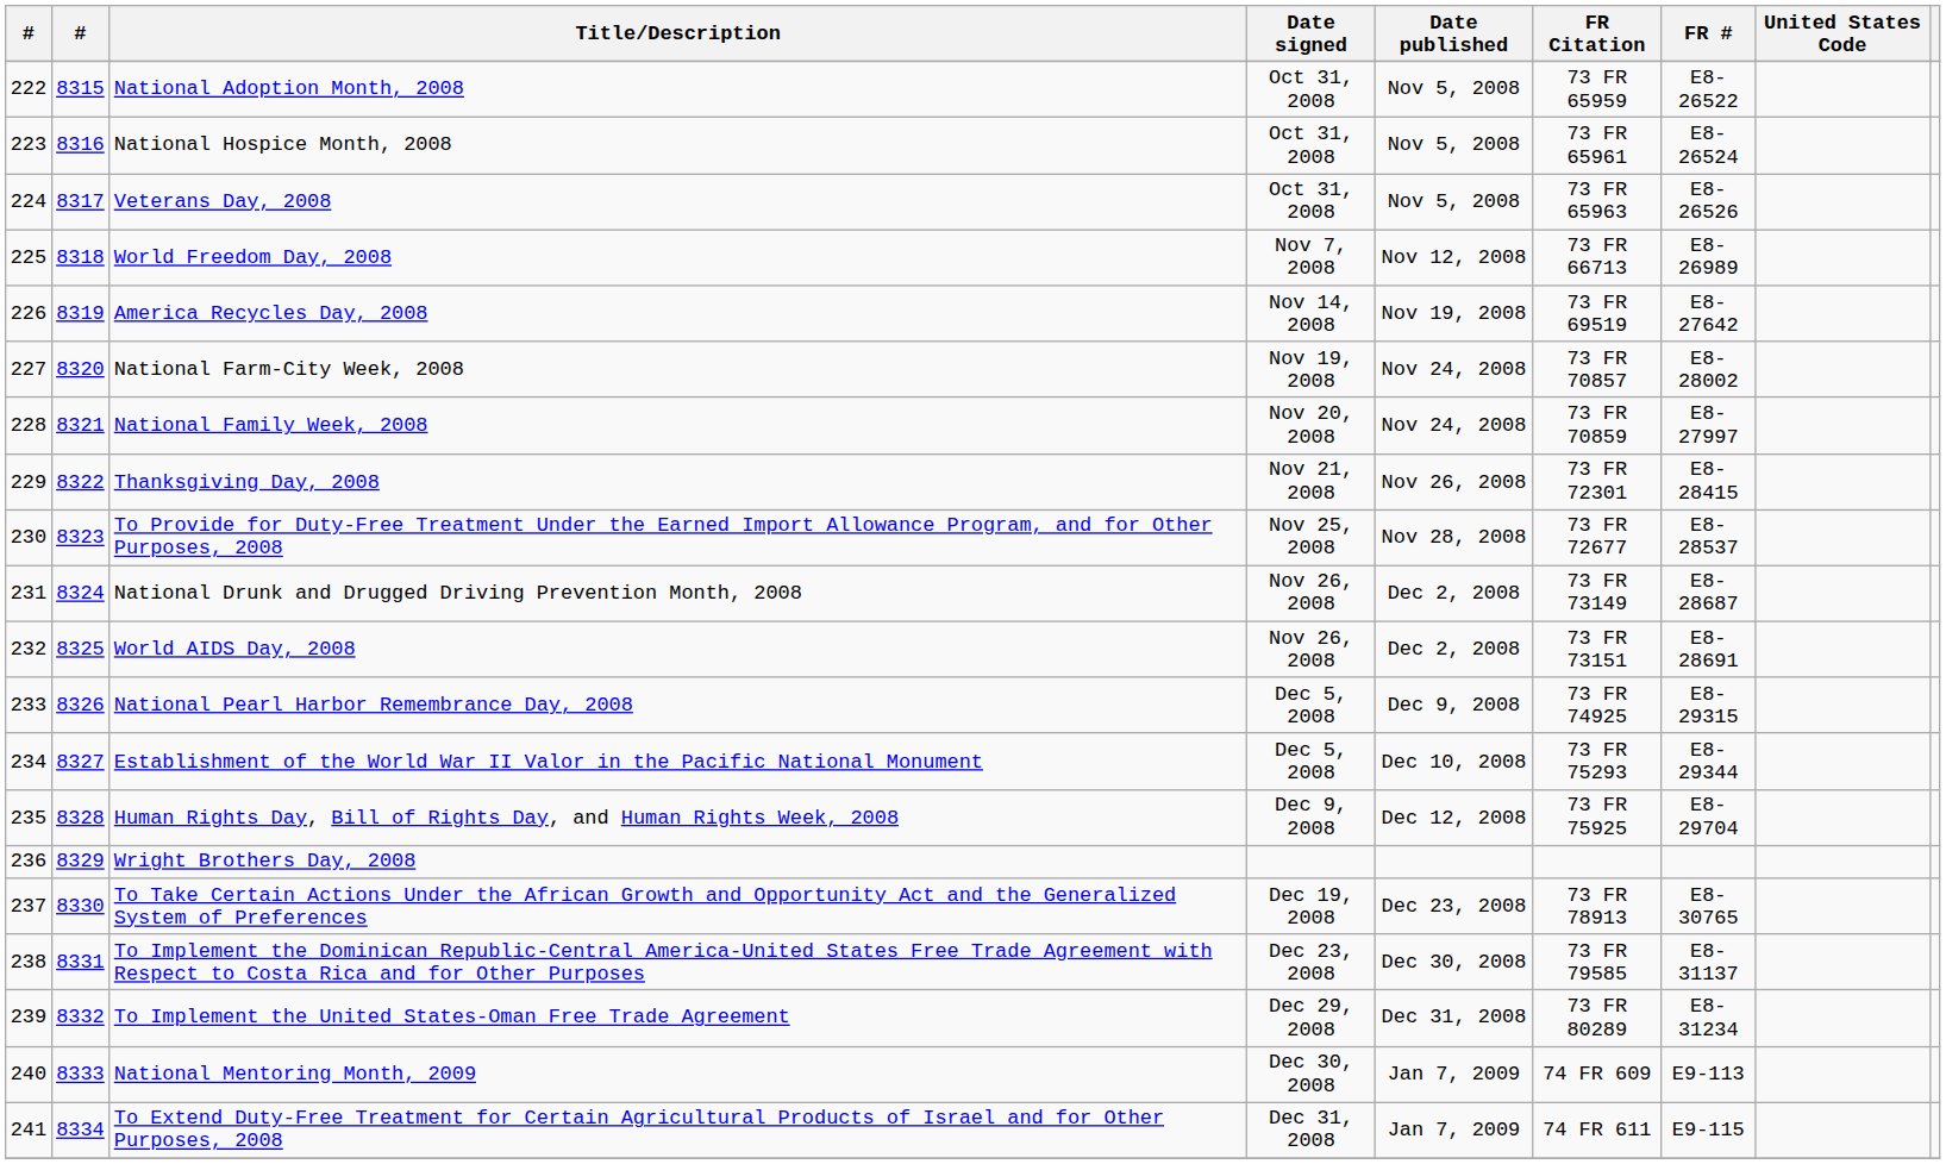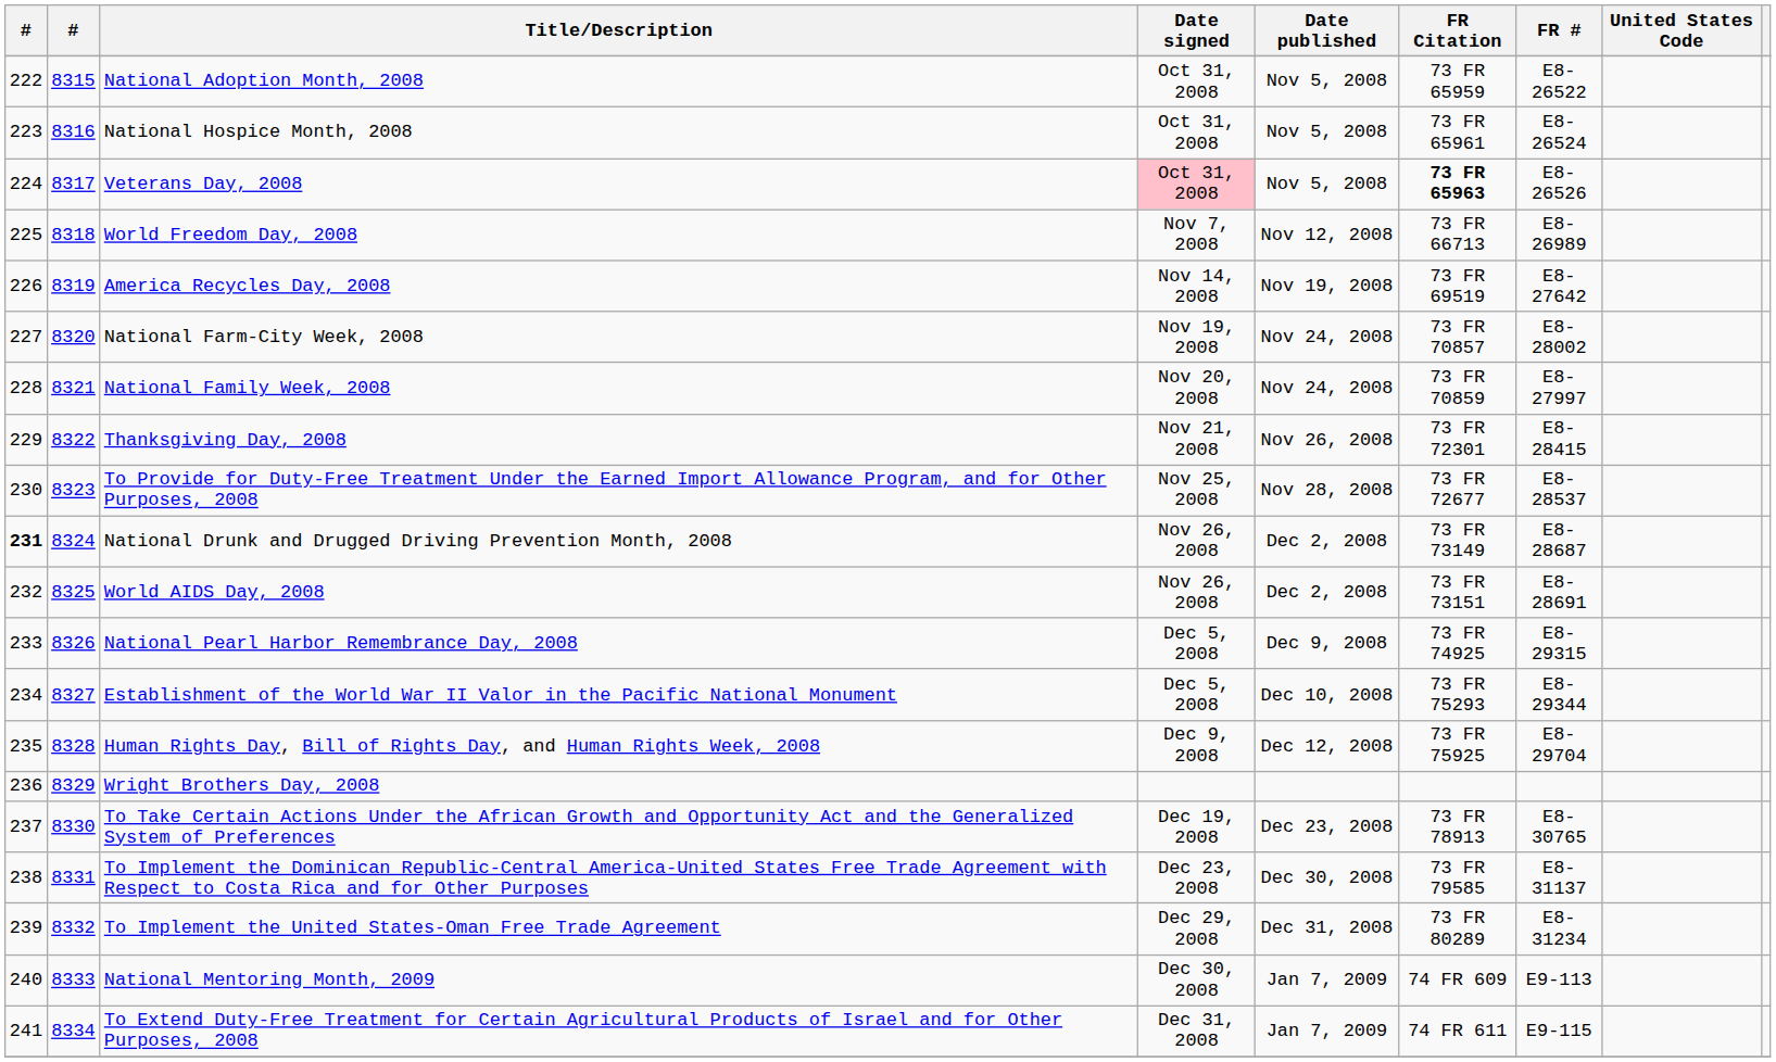 <table class="wikitable sortable" style="text-align:center;">
 <tr>
 <th> #</th>
 <th> #</th>
 <th>Title/Description</th>
 <th>Date signed</th>
 <th>Date published</th>
 <th>FR Citation</th>
 <th>FR  #</th>
 <th>United States Code</th>
 <th class="unsortable"></th>
 </tr>
 <tr>
 </tr>
 <tr>
 <td>222</td>
 <td><a href='#'>8315</a></td>
 <td style="text-align:left;"><a href='#'>National Adoption Month, 2008</a></td>
 <td>Oct 31, 2008</td>
 <td>Nov 5, 2008</td>
 <td>73 FR 65959</td>
 <td>E8-26522</td>
 <td></td>
 <td></td>
 </tr>
 <tr>
 <td>223</td>
 <td><a href='#'>8316</a></td>
 <td style="text-align:left;">National Hospice Month, 2008</td>
 <td>Oct 31, 2008</td>
 <td>Nov 5, 2008</td>
 <td>73 FR 65961</td>
 <td>E8-26524</td>
 <td></td>
 <td></td>
 </tr>
 <tr>
 <td>224</td>
 <td><a href='#'>8317</a></td>
 <td style="text-align:left;"><a href='#'>Veterans Day, 2008</a></td>
-<td>Oct 31, 2008</td>
+<td style="background: pink;">Oct 31, 2008</td>
 <td>Nov 5, 2008</td>
-<td>73 FR 65963</td>
+<td><strong>73 FR 65963</strong></td>
 <td>E8-26526</td>
 <td></td>
 <td></td>
 </tr>
 <tr>
 <td>225</td>
 <td><a href='#'>8318</a></td>
 <td style="text-align:left;"><a href='#'>World Freedom Day, 2008</a></td>
 <td>Nov 7, 2008</td>
 <td>Nov 12, 2008</td>
 <td>73 FR 66713</td>
 <td>E8-26989</td>
 <td></td>
 <td></td>
 </tr>
 <tr>
 <td>226</td>
 <td><a href='#'>8319</a></td>
 <td style="text-align:left;"><a href='#'>America Recycles Day, 2008</a></td>
 <td>Nov 14, 2008</td>
 <td>Nov 19, 2008</td>
 <td>73 FR 69519</td>
 <td>E8-27642</td>
 <td></td>
 <td></td>
 </tr>
 <tr>
 <td>227</td>
 <td><a href='#'>8320</a></td>
 <td style="text-align:left;">National Farm-City Week, 2008</td>
 <td>Nov 19, 2008</td>
 <td>Nov 24, 2008</td>
 <td>73 FR 70857</td>
 <td>E8-28002</td>
 <td></td>
 <td></td>
 </tr>
 <tr>
 <td>228</td>
 <td><a href='#'>8321</a></td>
 <td style="text-align:left;"><a href='#'>National Family Week, 2008</a></td>
 <td>Nov 20, 2008</td>
 <td>Nov 24, 2008</td>
 <td>73 FR 70859</td>
 <td>E8-27997</td>
 <td></td>
 <td></td>
 </tr>
 <tr>
 <td>229</td>
 <td><a href='#'>8322</a></td>
 <td style="text-align:left;"><a href='#'>Thanksgiving Day, 2008</a></td>
 <td>Nov 21, 2008</td>
 <td>Nov 26, 2008</td>
 <td>73 FR 72301</td>
 <td>E8-28415</td>
 <td></td>
 <td></td>
 </tr>
 <tr>
 <td>230</td>
 <td><a href='#'>8323</a></td>
 <td style="text-align:left;"><a href='#'>To Provide for Duty-Free Treatment Under the Earned Import Allowance Program, and for Other Purposes, 2008</a></td>
 <td>Nov 25, 2008</td>
 <td>Nov 28, 2008</td>
 <td>73 FR 72677</td>
 <td>E8-28537</td>
 <td></td>
 <td></td>
 </tr>
 <tr>
-<td>231</td>
+<td><strong>231</strong></td>
 <td><a href='#'>8324</a></td>
 <td style="text-align:left;">National Drunk and Drugged Driving Prevention Month, 2008</td>
 <td>Nov 26, 2008</td>
 <td>Dec 2, 2008</td>
 <td>73 FR 73149</td>
 <td>E8-28687</td>
 <td></td>
 <td></td>
 </tr>
 <tr>
 <td>232</td>
 <td><a href='#'>8325</a></td>
 <td style="text-align:left;"><a href='#'>World AIDS Day, 2008</a></td>
 <td>Nov 26, 2008</td>
 <td>Dec 2, 2008</td>
 <td>73 FR 73151</td>
 <td>E8-28691</td>
 <td></td>
 <td></td>
 </tr>
 <tr>
 <td>233</td>
 <td><a href='#'>8326</a></td>
 <td style="text-align:left;"><a href='#'>National Pearl Harbor Remembrance Day, 2008</a></td>
 <td>Dec 5, 2008</td>
 <td>Dec 9, 2008</td>
 <td>73 FR 74925</td>
 <td>E8-29315</td>
 <td></td>
 <td></td>
 </tr>
 <tr>
 <td>234</td>
 <td><a href='#'>8327</a></td>
 <td style="text-align:left;"><a href='#'>Establishment of the World War II Valor in the Pacific National Monument</a></td>
 <td>Dec 5, 2008</td>
 <td>Dec 10, 2008</td>
 <td>73 FR 75293</td>
 <td>E8-29344</td>
 <td></td>
 <td></td>
 </tr>
 <tr>
 <td>235</td>
 <td><a href='#'>8328</a></td>
 <td style="text-align:left;"><a href='#'>Human Rights Day</a>, <a href='#'>Bill of Rights Day</a>, and <a href='#'>Human Rights Week, 2008</a></td>
 <td>Dec 9, 2008</td>
 <td>Dec 12, 2008</td>
 <td>73 FR 75925</td>
 <td>E8-29704</td>
 <td></td>
 <td></td>
 </tr>
 <tr>
 <td>236</td>
 <td><a href='#'>8329</a></td>
 <td style="text-align:left;"><a href='#'>Wright Brothers Day, 2008</a></td>
 <td></td>
 <td></td>
 <td></td>
 <td></td>
 <td></td>
 <td></td>
 </tr>
 <tr>
 <td>237</td>
 <td><a href='#'>8330</a></td>
 <td style="text-align:left;"><a href='#'>To Take Certain Actions Under the African Growth and Opportunity Act and the Generalized System of Preferences</a></td>
 <td>Dec 19, 2008</td>
 <td>Dec 23, 2008</td>
 <td>73 FR 78913</td>
 <td>E8-30765</td>
 <td></td>
 <td><wbr></td>
 </tr>
 <tr>
 <td>238</td>
 <td><a href='#'>8331</a></td>
 <td style="text-align:left;"><a href='#'>To Implement the Dominican Republic-Central America-United States Free Trade Agreement with Respect to Costa Rica and for Other Purposes</a></td>
 <td>Dec 23, 2008</td>
 <td>Dec 30, 2008</td>
 <td>73 FR 79585</td>
 <td>E8-31137</td>
 <td></td>
 <td><wbr></td>
 </tr>
 <tr>
 <td>239</td>
 <td><a href='#'>8332</a></td>
 <td style="text-align:left;"><a href='#'>To Implement the United States-Oman Free Trade Agreement</a></td>
 <td>Dec 29, 2008</td>
 <td>Dec 31, 2008</td>
 <td>73 FR 80289</td>
 <td>E8-31234</td>
 <td></td>
 <td></td>
 </tr>
 <tr>
 <td>240</td>
 <td><a href='#'>8333</a></td>
 <td style="text-align:left;"><a href='#'>National Mentoring Month, 2009</a></td>
 <td>Dec 30, 2008</td>
 <td>Jan 7, 2009</td>
 <td>74 FR 609</td>
 <td>E9-113</td>
 <td></td>
 <td></td>
 </tr>
 <tr>
 <td>241</td>
 <td><a href='#'>8334</a></td>
 <td style="text-align:left;"><a href='#'>To Extend Duty-Free Treatment for Certain Agricultural Products of Israel and for Other Purposes, 2008</a></td>
 <td>Dec 31, 2008</td>
 <td>Jan 7, 2009</td>
 <td>74 FR 611</td>
 <td>E9-115</td>
 <td></td>
 <td></td>
 </tr>
 <tr>
 </tr>
 </table>
